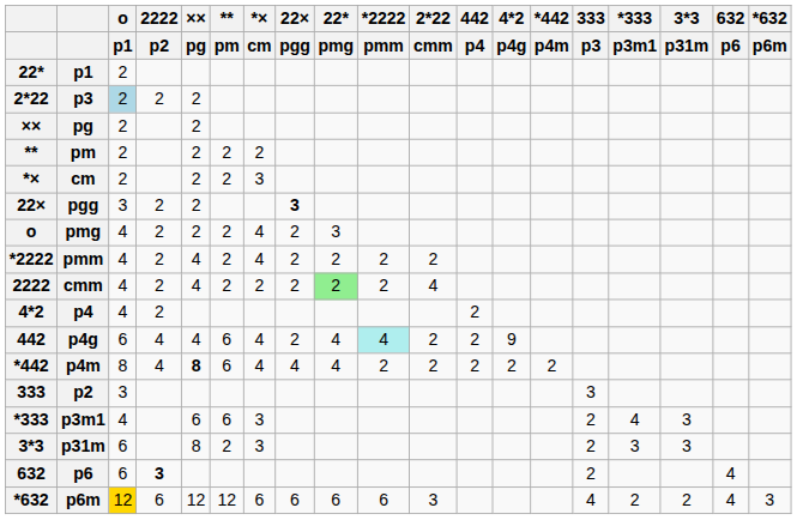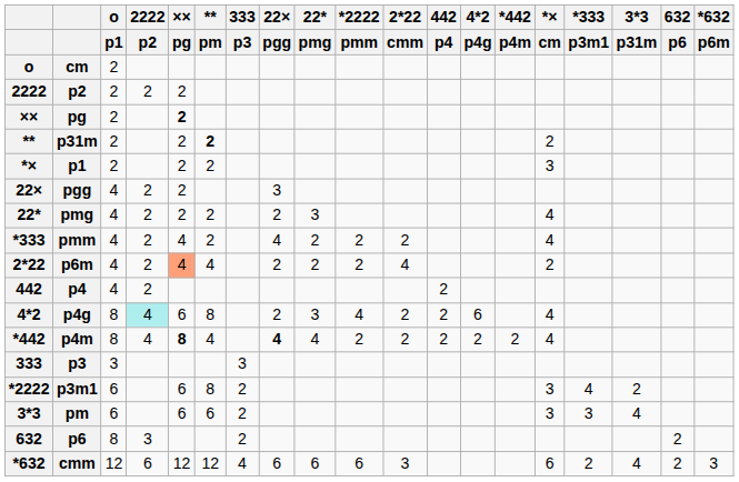 <table class=wikitable>
 <tr>
 <th></th>
 <th></th>
 <th>o</th>
 <th>2222</th>
 <th>××</th>
 <th>**</th>
-<th>*×</th>
+<th>333</th>
 <th>22×</th>
 <th>22*</th>
 <th>*2222</th>
 <th>2*22</th>
 <th>442</th>
 <th>4*2</th>
 <th>*442</th>
-<th>333</th>
+<th>*×</th>
 <th>*333</th>
 <th>3*3</th>
 <th>632</th>
 <th>*632</th>
 </tr>
 <tr>
 <th></th>
 <th></th>
 <th>p1</th>
 <th>p2</th>
 <th>pg</th>
 <th>pm</th>
-<th>cm</th>
+<th>p3</th>
 <th>pgg</th>
 <th>pmg</th>
 <th>pmm</th>
 <th>cmm</th>
 <th>p4</th>
 <th>p4g</th>
 <th>p4m</th>
-<th>p3</th>
+<th>cm</th>
 <th>p3m1</th>
 <th>p31m</th>
 <th>p6</th>
 <th>p6m</th>
 </tr>
 <tr align=center align=center>
-<th>22*</th>
-<th>p1</th>
+<th>o</th>
+<th>cm</th>
 <td>2</td>
 <td></td>
 <td></td>
 <td></td>
 <td></td>
 <td></td>
 <td></td>
 <td></td>
 <td></td>
 <td></td>
 <td></td>
 <td></td>
 <td></td>
 <td></td>
 <td></td>
 <td></td>
 <td></td>
 </tr>
 <tr align=center>
-<th>2*22</th>
-<th>p3</th>
-<td style="background: lightblue;">2</td>
+<th>2222</th>
+<th>p2</th>
+<td>2</td>
 <td>2</td>
 <td>2</td>
 <td></td>
 <td></td>
 <td></td>
 <td></td>
 <td></td>
 <td></td>
 <td></td>
 <td></td>
 <td></td>
 <td></td>
 <td></td>
 <td></td>
 <td></td>
 <td></td>
 </tr>
 <tr align=center>
 <th>××</th>
 <th>pg</th>
 <td>2</td>
 <td></td>
-<td>2</td>
+<td><strong>2</strong></td>
 <td></td>
 <td></td>
 <td></td>
 <td></td>
 <td></td>
 <td></td>
 <td></td>
 <td></td>
 <td></td>
 <td></td>
 <td></td>
 <td></td>
 <td></td>
 <td></td>
 </tr>
 <tr align=center>
 <th>**</th>
-<th>pm</th>
+<th>p31m</th>
+<td>2</td>
+<td></td>
+<td>2</td>
+<td><strong>2</strong></td>
+<td></td>
+<td></td>
+<td></td>
+<td></td>
+<td></td>
+<td></td>
+<td></td>
+<td></td>
+<td>2</td>
+<td></td>
+<td></td>
+<td></td>
+<td></td>
+</tr>
+<tr align=center>
+<th>*×</th>
+<th>p1</th>
 <td>2</td>
 <td></td>
 <td>2</td>
 <td>2</td>
+<td></td>
+<td></td>
+<td></td>
+<td></td>
+<td></td>
+<td></td>
+<td></td>
+<td></td>
+<td>3</td>
+<td></td>
+<td></td>
+<td></td>
+<td></td>
+</tr>
+<tr align=center>
+<th>22×</th>
+<th>pgg</th>
+<td>4</td>
+<td>2</td>
 <td>2</td>
 <td></td>
+<td></td>
+<td>3</td>
 <td></td>
 <td></td>
 <td></td>
 <td></td>
 <td></td>
 <td></td>
 <td></td>
 <td></td>
 <td></td>
 <td></td>
 <td></td>
 </tr>
 <tr align=center>
-<th>*×</th>
-<th>cm</th>
+<th>22*</th>
+<th>pmg</th>
+<td>4</td>
+<td>2</td>
+<td>2</td>
 <td>2</td>
 <td></td>
-<td>2</td>
 <td>2</td>
 <td>3</td>
 <td></td>
 <td></td>
 <td></td>
 <td></td>
 <td></td>
-<td></td>
-<td></td>
-<td></td>
+<td>4</td>
 <td></td>
 <td></td>
 <td></td>
 <td></td>
 </tr>
 <tr align=center>
-<th>22×</th>
-<th>pgg</th>
-<td>3</td>
+<th>*333</th>
+<th>pmm</th>
+<td>4</td>
+<td>2</td>
+<td>4</td>
+<td>2</td>
+<td></td>
+<td>4</td>
+<td>2</td>
 <td>2</td>
 <td>2</td>
 <td></td>
 <td></td>
-<td><strong>3</strong></td>
 <td></td>
-<td></td>
-<td></td>
-<td></td>
-<td></td>
-<td></td>
-<td></td>
+<td>4</td>
 <td></td>
 <td></td>
 <td></td>
 <td></td>
 </tr>
 <tr align=center>
-<th>o</th>
-<th>pmg</th>
+<th>2*22</th>
+<th>p6m</th>
 <td>4</td>
+<td>2</td>
+<td style="background: lightsalmon;">4</td>
+<td>4</td>
+<td></td>
 <td>2</td>
 <td>2</td>
 <td>2</td>
 <td>4</td>
-<td>2</td>
-<td>3</td>
 <td></td>
 <td></td>
 <td></td>
-<td></td>
-<td></td>
-<td></td>
+<td>2</td>
 <td></td>
 <td></td>
 <td></td>
 <td></td>
 </tr>
 <tr align=center>
-<th>*2222</th>
-<th>pmm</th>
-<td>4</td>
-<td>2</td>
-<td>4</td>
-<td>2</td>
-<td>4</td>
-<td>2</td>
-<td>2</td>
-<td>2</td>
-<td>2</td>
-<td></td>
-<td></td>
-<td></td>
-<td></td>
-<td></td>
-<td></td>
-<td></td>
-<td></td>
-</tr>
-<tr align=center>
-<th>2222</th>
-<th>cmm</th>
-<td>4</td>
-<td>2</td>
-<td>4</td>
-<td>2</td>
-<td>2</td>
-<td>2</td>
-<td style="background: lightgreen;">2</td>
-<td>2</td>
-<td>4</td>
-<td></td>
-<td></td>
-<td></td>
-<td></td>
-<td></td>
-<td></td>
-<td></td>
-<td></td>
-</tr>
-<tr align=center>
-<th>4*2</th>
+<th>442</th>
 <th>p4</th>
 <td>4</td>
 <td>2</td>
 <td></td>
 <td></td>
 <td></td>
 <td></td>
 <td></td>
 <td></td>
 <td></td>
 <td>2</td>
 <td></td>
 <td></td>
 <td></td>
 <td></td>
 <td></td>
 <td></td>
 <td></td>
 </tr>
 <tr align=center>
-<th>442</th>
+<th>4*2</th>
 <th>p4g</th>
+<td>8</td>
+<td style="background: paleturquoise;">4</td>
 <td>6</td>
-<td>4</td>
-<td>4</td>
-<td>6</td>
+<td>8</td>
+<td></td>
+<td>2</td>
+<td>3</td>
 <td>4</td>
 <td>2</td>
+<td>2</td>
+<td>6</td>
+<td></td>
 <td>4</td>
-<td style="background: paleturquoise;">4</td>
-<td>2</td>
-<td>2</td>
-<td>9</td>
-<td></td>
-<td></td>
 <td></td>
 <td></td>
 <td></td>
 <td></td>
 </tr>
 <tr align=center>
 <th>*442</th>
 <th>p4m</th>
 <td>8</td>
 <td>4</td>
 <td><strong>8</strong></td>
-<td>6</td>
 <td>4</td>
-<td>4</td>
+<td></td>
+<td><strong>4</strong></td>
 <td>4</td>
 <td>2</td>
 <td>2</td>
 <td>2</td>
 <td>2</td>
 <td>2</td>
-<td></td>
+<td>4</td>
 <td></td>
 <td></td>
 <td></td>
 <td></td>
 </tr>
 <tr align=center>
 <th>333</th>
-<th>p2</th>
+<th>p3</th>
+<td>3</td>
+<td></td>
+<td></td>
+<td></td>
 <td>3</td>
 <td></td>
 <td></td>
 <td></td>
 <td></td>
 <td></td>
 <td></td>
 <td></td>
 <td></td>
 <td></td>
 <td></td>
 <td></td>
-<td>3</td>
-<td></td>
-<td></td>
-<td></td>
 <td></td>
 </tr>
 <tr align=center>
-<th>*333</th>
+<th>*2222</th>
 <th>p3m1</th>
-<td>4</td>
+<td>6</td>
 <td></td>
 <td>6</td>
-<td>6</td>
-<td>3</td>
+<td>8</td>
+<td>2</td>
 <td></td>
 <td></td>
 <td></td>
 <td></td>
 <td></td>
 <td></td>
 <td></td>
+<td>3</td>
+<td>4</td>
 <td>2</td>
-<td>4</td>
-<td>3</td>
 <td></td>
 <td></td>
 </tr>
 <tr align=center>
 <th>3*3</th>
-<th>p31m</th>
+<th>pm</th>
 <td>6</td>
 <td></td>
-<td>8</td>
+<td>6</td>
+<td>6</td>
 <td>2</td>
-<td>3</td>
 <td></td>
 <td></td>
 <td></td>
 <td></td>
 <td></td>
 <td></td>
 <td></td>
-<td>2</td>
 <td>3</td>
 <td>3</td>
+<td>4</td>
 <td></td>
 <td></td>
 </tr>
 <tr align=center>
 <th>632</th>
 <th>p6</th>
-<td>6</td>
-<td><strong>3</strong></td>
+<td>8</td>
+<td>3</td>
+<td></td>
+<td></td>
+<td>2</td>
 <td></td>
 <td></td>
 <td></td>
 <td></td>
 <td></td>
 <td></td>
 <td></td>
 <td></td>
 <td></td>
 <td></td>
 <td>2</td>
 <td></td>
-<td></td>
-<td>4</td>
-<td></td>
 </tr>
 <tr align=center>
 <th>*632</th>
-<th>p6m</th>
-<td style="background: gold;">12</td>
+<th>cmm</th>
+<td>12</td>
 <td>6</td>
 <td>12</td>
 <td>12</td>
-<td>6</td>
+<td>4</td>
 <td>6</td>
 <td>6</td>
 <td>6</td>
 <td>3</td>
 <td></td>
 <td></td>
 <td></td>
+<td>6</td>
+<td>2</td>
 <td>4</td>
 <td>2</td>
-<td>2</td>
-<td>4</td>
 <td>3</td>
 </tr>
 </table>
